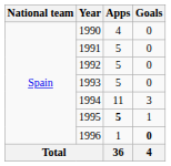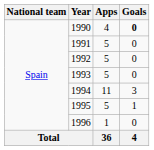 <table class="wikitable" style="text-align:center">
 <tr>
 <th>National team</th>
 <th>Year</th>
 <th>Apps</th>
 <th>Goals</th>
 </tr>
 <tr>
 <td rowspan="7"><a href='#'>Spain</a></td>
 <td>1990</td>
 <td>4</td>
-<td>0</td>
+<td><strong>0</strong></td>
 </tr>
 <tr>
 <td>1991</td>
 <td>5</td>
 <td>0</td>
 </tr>
 <tr>
 <td>1992</td>
 <td>5</td>
 <td>0</td>
 </tr>
 <tr>
 <td>1993</td>
 <td>5</td>
 <td>0</td>
 </tr>
 <tr>
 <td>1994</td>
 <td>11</td>
 <td>3</td>
 </tr>
 <tr>
 <td>1995</td>
-<td><strong>5</strong></td>
+<td>5</td>
 <td>1</td>
 </tr>
 <tr>
 <td>1996</td>
 <td>1</td>
-<td><strong>0</strong></td>
+<td>0</td>
 </tr>
 <tr>
 <th colspan="2">Total</th>
 <th>36</th>
 <th>4</th>
 </tr>
 </table>
